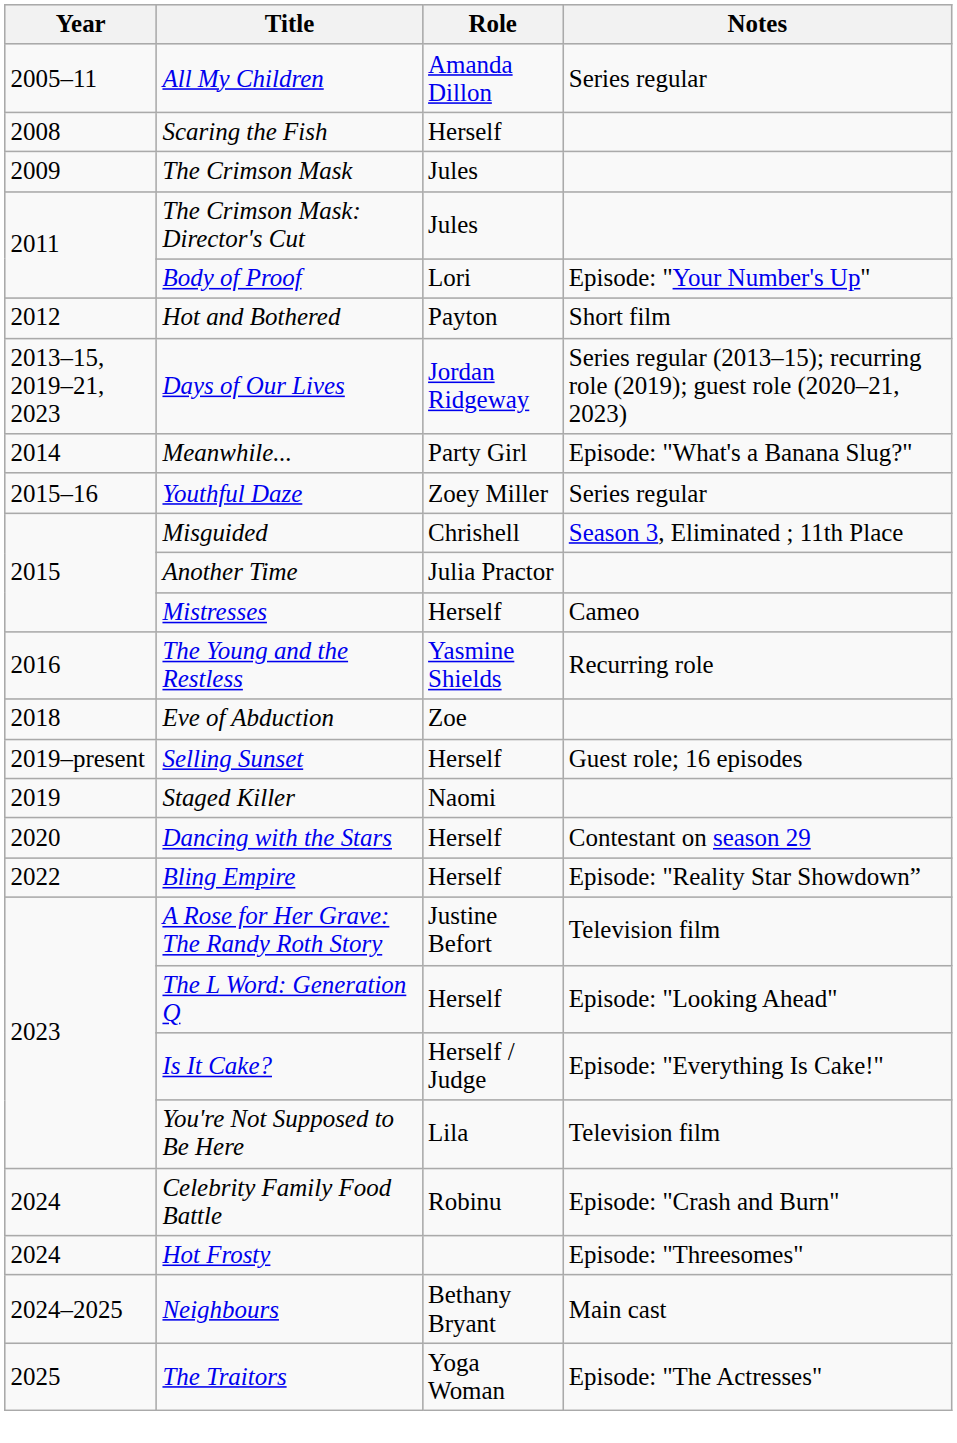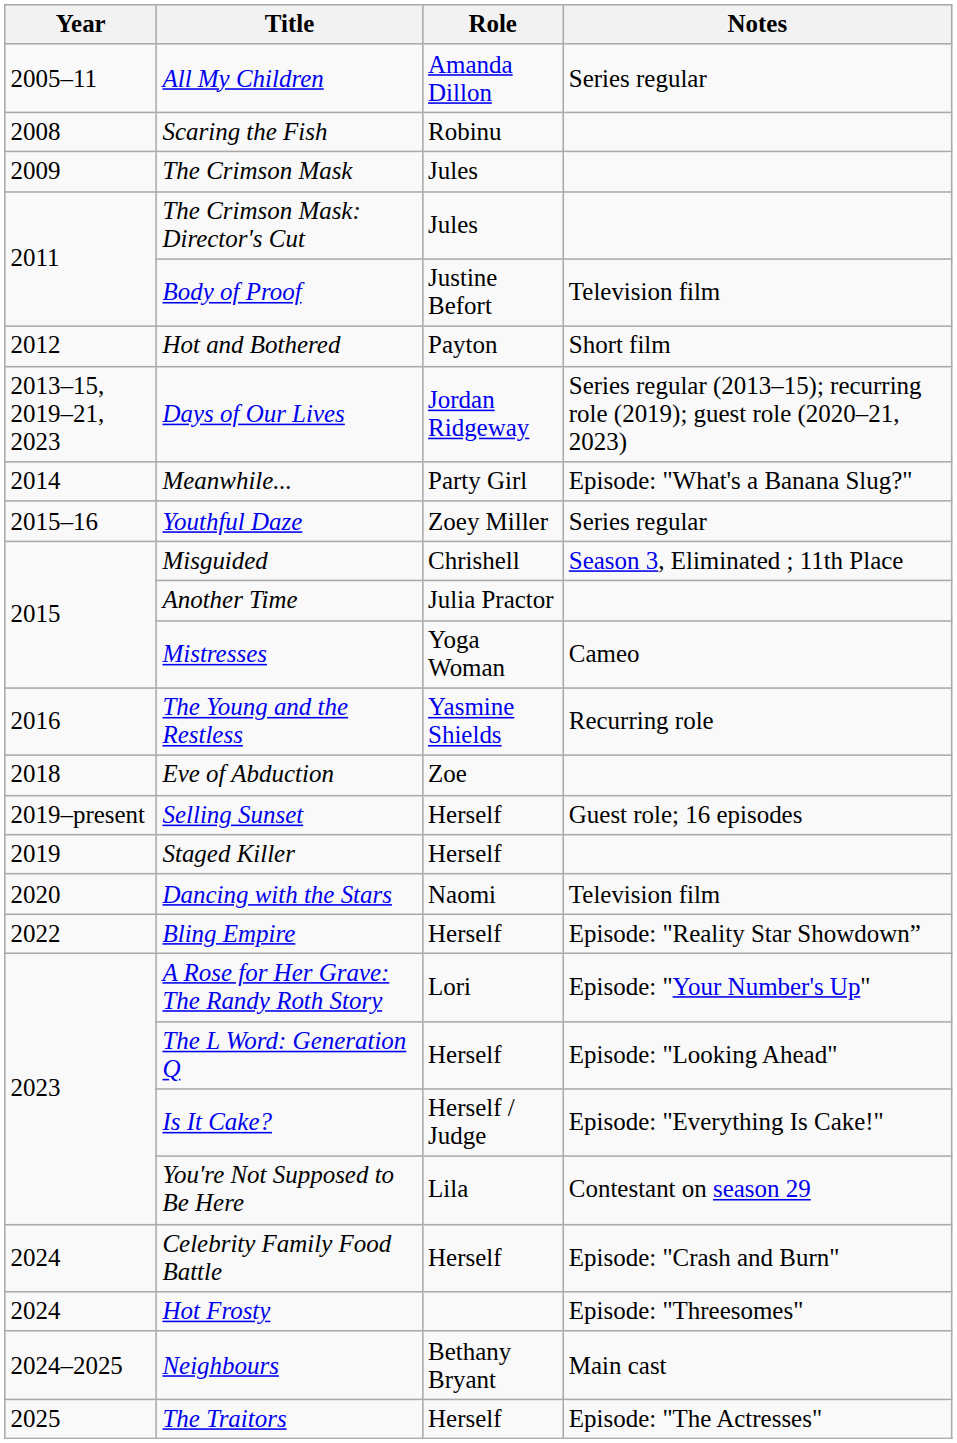 <table class="wikitable sortable">
 <tr>
 <th>Year</th>
 <th>Title</th>
 <th>Role</th>
 <th class="unsortable">Notes</th>
 </tr>
 <tr>
 <td>2005–11</td>
 <td><em><a href='#'>All My Children</a></em></td>
 <td><a href='#'>Amanda Dillon</a></td>
 <td>Series regular</td>
 </tr>
 <tr>
 <td>2008</td>
 <td><em>Scaring the Fish</em></td>
-<td>Herself</td>
+<td>Robinu</td>
 <td></td>
 </tr>
 <tr>
 <td>2009</td>
 <td><em>The Crimson Mask</em></td>
 <td>Jules</td>
 <td></td>
 </tr>
 <tr>
 <td rowspan="2">2011</td>
 <td><em>The Crimson Mask: Director's Cut</em></td>
 <td>Jules</td>
 <td></td>
 </tr>
 <tr>
 <td><em><a href='#'>Body of Proof</a></em></td>
-<td>Lori</td>
-<td>Episode: "<a href='#'>Your Number's Up</a>"</td>
+<td>Justine Befort</td>
+<td>Television film</td>
 </tr>
 <tr>
 <td>2012</td>
 <td><em>Hot and Bothered</em></td>
 <td>Payton</td>
 <td>Short film</td>
 </tr>
 <tr>
 <td>2013–15, 2019–21, 2023</td>
 <td><em><a href='#'>Days of Our Lives</a></em></td>
 <td><a href='#'>Jordan Ridgeway</a></td>
 <td>Series regular (2013–15); recurring role (2019); guest role (2020–21, 2023)</td>
 </tr>
 <tr>
 <td>2014</td>
 <td><em>Meanwhile...</em></td>
 <td>Party Girl</td>
 <td>Episode: "What's a Banana Slug?"</td>
 </tr>
 <tr>
 <td>2015–16</td>
 <td><em><a href='#'>Youthful Daze</a></em></td>
 <td>Zoey Miller</td>
 <td>Series regular</td>
 </tr>
 <tr>
 <td rowspan="3">2015</td>
 <td><em>Misguided</em></td>
 <td>Chrishell</td>
 <td><a href='#'>Season 3</a>, Eliminated ; 11th Place</td>
 </tr>
 <tr>
 <td><em>Another Time</em></td>
 <td>Julia Practor</td>
 <td></td>
 </tr>
 <tr>
 <td><em><a href='#'>Mistresses</a></em></td>
-<td>Herself</td>
+<td>Yoga Woman</td>
 <td>Cameo</td>
 </tr>
 <tr>
 <td>2016</td>
 <td><em><a href='#'>The Young and the Restless</a></em></td>
 <td><a href='#'>Yasmine Shields</a></td>
 <td>Recurring role</td>
 </tr>
 <tr>
 <td>2018</td>
 <td><em>Eve of Abduction</em></td>
 <td>Zoe</td>
 <td></td>
 </tr>
 <tr>
 <td>2019–present</td>
 <td><em><a href='#'>Selling Sunset</a></em></td>
 <td>Herself</td>
 <td>Guest role; 16 episodes</td>
 </tr>
 <tr>
 <td>2019</td>
 <td><em>Staged Killer</em></td>
-<td>Naomi</td>
+<td>Herself</td>
 <td></td>
 </tr>
 <tr>
 <td>2020</td>
 <td><em><a href='#'>Dancing with the Stars</a></em></td>
-<td>Herself</td>
-<td>Contestant on <a href='#'>season 29</a></td>
+<td>Naomi</td>
+<td>Television film</td>
 </tr>
 <tr>
 <td>2022</td>
 <td><em><a href='#'>Bling Empire</a></em></td>
 <td>Herself</td>
 <td>Episode: "Reality Star Showdown”</td>
 </tr>
 <tr>
 <td rowspan="4">2023</td>
 <td><em><a href='#'>A Rose for Her Grave: The Randy Roth Story</a></em></td>
-<td>Justine Befort</td>
-<td>Television film</td>
+<td>Lori</td>
+<td>Episode: "<a href='#'>Your Number's Up</a>"</td>
 </tr>
 <tr>
 <td><em><a href='#'>The L Word: Generation Q</a></em></td>
 <td>Herself</td>
 <td>Episode: "Looking Ahead"</td>
 </tr>
 <tr>
 <td><em><a href='#'>Is It Cake?</a></em></td>
 <td>Herself / Judge</td>
 <td>Episode: "Everything Is Cake!"</td>
 </tr>
 <tr>
 <td><em>You're Not Supposed to Be Here</em></td>
 <td>Lila</td>
-<td>Television film</td>
+<td>Contestant on <a href='#'>season 29</a></td>
 </tr>
 <tr>
 <td>2024</td>
 <td><em>Celebrity Family Food Battle</em></td>
-<td>Robinu</td>
+<td>Herself</td>
 <td>Episode: "Crash and Burn"</td>
 </tr>
 <tr>
 <td>2024</td>
 <td><em><a href='#'>Hot Frosty</a></em></td>
 <td></td>
 <td>Episode: "Threesomes"</td>
 </tr>
 <tr>
 <td>2024–2025</td>
 <td><em><a href='#'>Neighbours</a></em></td>
 <td>Bethany Bryant</td>
 <td>Main cast</td>
 </tr>
 <tr>
 <td>2025</td>
 <td><em><a href='#'>The Traitors</a></em></td>
-<td>Yoga Woman</td>
+<td>Herself</td>
 <td>Episode: "The Actresses"</td>
 </tr>
 </table>
